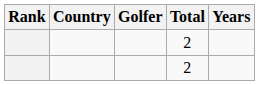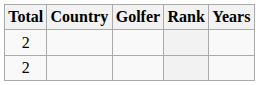 <table class="sortable wikitable" style="text-align:left;">
 <tr>
-<th scope="col">Rank</th>
+<th scope="col">Total</th>
 <th scope="col">Country</th>
 <th scope="col">Golfer</th>
-<th scope="col">Total</th>
+<th scope="col">Rank</th>
 <th scope="col">Years</th>
 </tr>
 <tr>
-<th scope="row"></th>
+<td align="center" valign="top">2</td>
 <td></td>
 <td></td>
-<td align="center" valign="top">2</td>
+<th scope="row"></th>
 <td></td>
 </tr>
 <tr>
-<th scope="row"></th>
+<td align="center" valign="top">2</td>
 <td></td>
 <td></td>
-<td align="center" valign="top">2</td>
+<th scope="row"></th>
 <td></td>
 </tr>
 </table>
